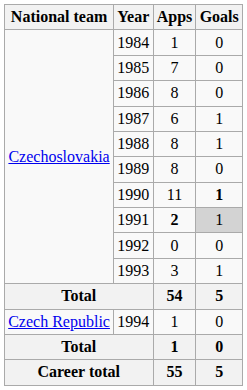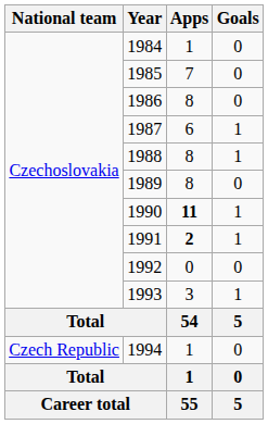 <table class="wikitable" style="text-align:center">
 <tr>
 <th>National team</th>
 <th>Year</th>
 <th>Apps</th>
 <th>Goals</th>
 </tr>
 <tr>
 <td rowspan="10"><a href='#'>Czechoslovakia</a></td>
 <td>1984</td>
 <td>1</td>
 <td>0</td>
 </tr>
 <tr>
 <td>1985</td>
 <td>7</td>
 <td>0</td>
 </tr>
 <tr>
 <td>1986</td>
 <td>8</td>
 <td>0</td>
 </tr>
 <tr>
 <td>1987</td>
 <td>6</td>
 <td>1</td>
 </tr>
 <tr>
 <td>1988</td>
 <td>8</td>
 <td>1</td>
 </tr>
 <tr>
 <td>1989</td>
 <td>8</td>
 <td>0</td>
 </tr>
 <tr>
 <td>1990</td>
-<td>11</td>
-<td><strong>1</strong></td>
+<td><strong>11</strong></td>
+<td>1</td>
 </tr>
 <tr>
 <td>1991</td>
 <td><strong>2</strong></td>
-<td style="background: lightgrey;">1</td>
+<td>1</td>
 </tr>
 <tr>
 <td>1992</td>
 <td>0</td>
 <td>0</td>
 </tr>
 <tr>
 <td>1993</td>
 <td>3</td>
 <td>1</td>
 </tr>
 <tr>
 <th colspan="2">Total</th>
 <th>54</th>
 <th>5</th>
 </tr>
 <tr>
 <td><a href='#'>Czech Republic</a></td>
 <td>1994</td>
 <td>1</td>
 <td>0</td>
 </tr>
 <tr>
 <th colspan="2">Total</th>
 <th>1</th>
 <th>0</th>
 </tr>
 <tr>
 <th colspan="2">Career total</th>
 <th>55</th>
 <th>5</th>
 </tr>
 </table>
